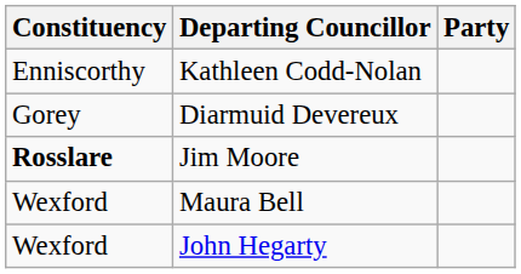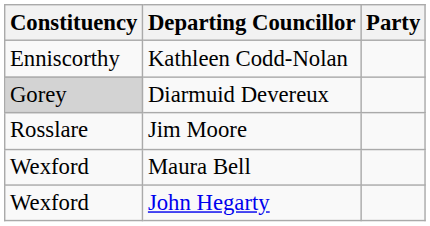 <table class="wikitable sortable">
 <tr>
 <th>Constituency</th>
 <th>Departing Councillor</th>
 <th colspan="2">Party</th>
 </tr>
 <tr>
 <td>Enniscorthy</td>
 <td>Kathleen Codd-Nolan</td>
 <td></td>
 </tr>
 <tr>
-<td>Gorey</td>
+<td style="background: lightgrey;">Gorey</td>
 <td>Diarmuid Devereux</td>
 <td></td>
 </tr>
 <tr>
-<td><strong>Rosslare</strong></td>
+<td>Rosslare</td>
 <td>Jim Moore</td>
 <td></td>
 </tr>
 <tr>
 <td>Wexford</td>
 <td>Maura Bell</td>
 <td></td>
 </tr>
 <tr>
 <td>Wexford</td>
 <td><a href='#'>John Hegarty</a></td>
 <td></td>
 </tr>
 </table>
